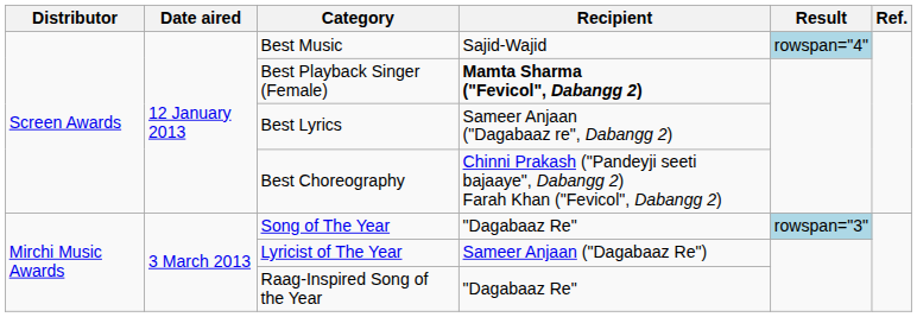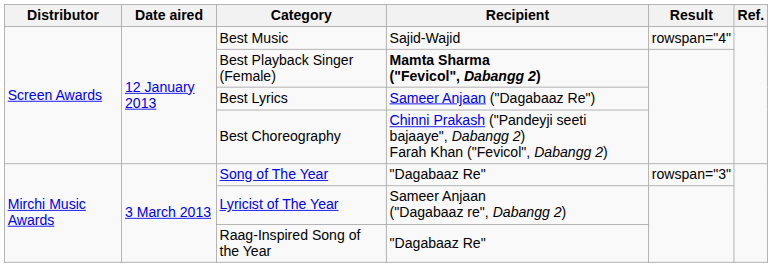 <table class="wikitable">
 <tr>
 <th>Distributor</th>
 <th>Date aired</th>
 <th>Category</th>
 <th>Recipient</th>
 <th>Result</th>
 <th>Ref.</th>
 </tr>
 <tr>
 <td rowspan="4"><a href='#'>Screen Awards</a></td>
 <td rowspan="4"><a href='#'>12 January 2013</a></td>
 <td>Best Music</td>
 <td>Sajid-Wajid</td>
-<td style="background: lightblue;">rowspan="4" </td>
+<td>rowspan="4" </td>
 <td rowspan="4"></td>
 </tr>
 <tr>
 <td>Best Playback Singer (Female)</td>
 <td><strong>Mamta Sharma <br> ("Fevicol", <em>Dabangg 2</em>)</strong></td>
 </tr>
 <tr>
 <td>Best Lyrics</td>
-<td>Sameer Anjaan<br>("Dagabaaz re", <em>Dabangg 2</em>)</td>
+<td><a href='#'>Sameer Anjaan</a> ("Dagabaaz Re")</td>
 </tr>
 <tr>
 <td>Best Choreography</td>
 <td><a href='#'>Chinni Prakash</a> ("Pandeyji seeti bajaaye", <em>Dabangg 2</em>) <br> Farah Khan ("Fevicol", <em>Dabangg 2</em>)</td>
 </tr>
 <tr>
 <td rowspan="3"><a href='#'>Mirchi Music Awards</a></td>
 <td rowspan="3"><a href='#'>3 March 2013</a></td>
 <td><a href='#'>Song of The Year</a></td>
 <td>"Dagabaaz Re"</td>
-<td style="background: lightblue;">rowspan="3" </td>
+<td>rowspan="3" </td>
 <td rowspan="3"></td>
 </tr>
 <tr>
 <td><a href='#'>Lyricist of The Year</a></td>
-<td><a href='#'>Sameer Anjaan</a> ("Dagabaaz Re")</td>
+<td>Sameer Anjaan<br>("Dagabaaz re", <em>Dabangg 2</em>)</td>
 </tr>
 <tr>
 <td>Raag-Inspired Song of the Year</td>
 <td>"Dagabaaz Re"</td>
 </tr>
 </table>
